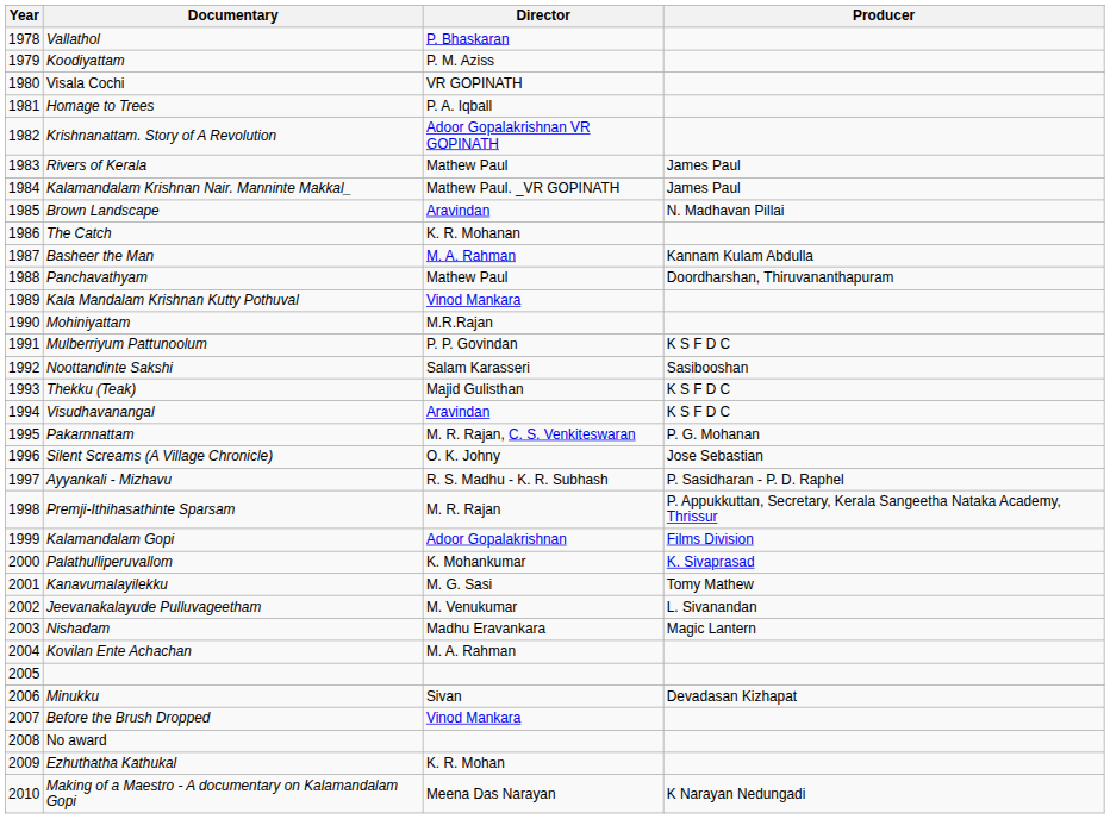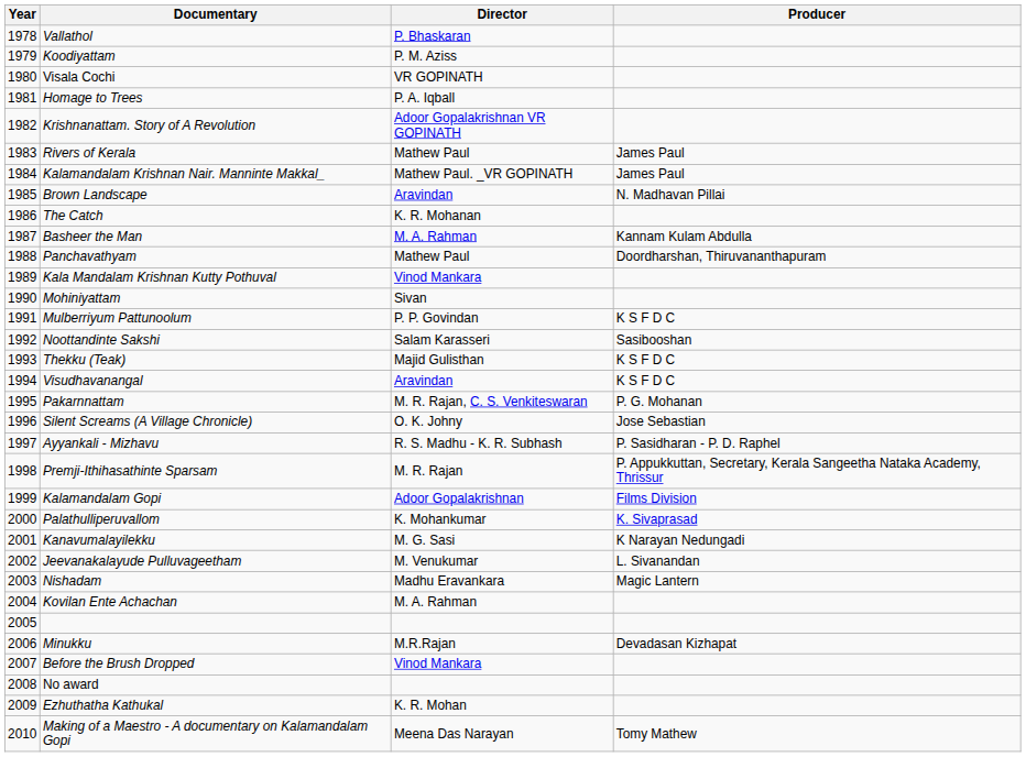 <table class="wikitable sortable">
 <tr>
 <th>Year</th>
 <th>Documentary</th>
 <th>Director</th>
 <th>Producer</th>
 </tr>
 <tr>
 <td>1978</td>
 <td><em>Vallathol</em></td>
 <td><a href='#'>P. Bhaskaran</a></td>
 <td></td>
 </tr>
 <tr>
 <td>1979</td>
 <td><em>Koodiyattam</em></td>
 <td>P. M. Aziss</td>
 <td></td>
 </tr>
 <tr>
 <td>1980</td>
 <td>Visala Cochi</td>
 <td>VR GOPINATH</td>
 <td></td>
 </tr>
 <tr>
 <td>1981</td>
 <td><em>Homage to Trees</em></td>
 <td>P. A. Iqball</td>
 <td></td>
 </tr>
 <tr>
 <td>1982</td>
 <td><em>Krishnanattam.            Story of A Revolution</em></td>
 <td><a href='#'>Adoor Gopalakrishnan VR GOPINATH</a></td>
 <td></td>
 </tr>
 <tr>
 <td>1983</td>
 <td><em>Rivers of Kerala</em></td>
 <td>Mathew Paul</td>
 <td>James Paul</td>
 </tr>
 <tr>
 <td>1984</td>
 <td><em>Kalamandalam Krishnan Nair.             Manninte Makkal_</em></td>
 <td>Mathew Paul.        _VR GOPINATH</td>
 <td>James Paul</td>
 </tr>
 <tr>
 <td>1985</td>
 <td><em>Brown Landscape</em></td>
 <td><a href='#'>Aravindan</a></td>
 <td>N. Madhavan Pillai</td>
 </tr>
 <tr>
 <td>1986</td>
 <td><em>The Catch</em></td>
 <td>K. R. Mohanan</td>
 </tr>
 <tr>
 <td>1987</td>
 <td><em>Basheer the Man</em></td>
 <td><a href='#'>M. A. Rahman</a></td>
 <td>Kannam Kulam Abdulla</td>
 </tr>
 <tr>
 <td>1988</td>
 <td><em>Panchavathyam</em></td>
 <td>Mathew Paul</td>
 <td>Doordharshan, Thiruvananthapuram</td>
 </tr>
 <tr>
 <td>1989</td>
 <td><em>Kala Mandalam Krishnan Kutty Pothuval</em></td>
 <td><a href='#'>Vinod Mankara</a></td>
 <td></td>
 </tr>
 <tr>
 <td>1990</td>
 <td><em>Mohiniyattam</em></td>
-<td>M.R.Rajan</td>
+<td>Sivan</td>
 <td></td>
 </tr>
 <tr>
 <td>1991</td>
 <td><em>Mulberriyum Pattunoolum</em></td>
 <td>P. P. Govindan</td>
 <td>K S F D C</td>
 </tr>
 <tr>
 <td>1992</td>
 <td><em>Noottandinte Sakshi</em></td>
 <td>Salam Karasseri</td>
 <td>Sasibooshan</td>
 </tr>
 <tr>
 <td>1993</td>
 <td><em>Thekku (Teak)</em></td>
 <td>Majid Gulisthan</td>
 <td>K S F D C</td>
 </tr>
 <tr>
 <td>1994</td>
 <td><em>Visudhavanangal</em></td>
 <td><a href='#'>Aravindan</a></td>
 <td>K S F D C</td>
 </tr>
 <tr>
 <td>1995</td>
 <td><em>Pakarnnattam</em></td>
 <td>M. R. Rajan, <a href='#'>C. S. Venkiteswaran</a></td>
 <td>P. G. Mohanan</td>
 </tr>
 <tr>
 <td>1996</td>
 <td><em>Silent Screams (A Village Chronicle)</em></td>
 <td>O. K. Johny</td>
 <td>Jose Sebastian</td>
 </tr>
 <tr>
 <td>1997</td>
 <td><em>Ayyankali</em> - <em>Mizhavu</em></td>
 <td>R. S. Madhu - K. R. Subhash</td>
 <td>P. Sasidharan - P. D. Raphel</td>
 </tr>
 <tr>
 <td>1998</td>
 <td><em>Premji-Ithihasathinte Sparsam</em></td>
 <td>M. R. Rajan</td>
 <td>P. Appukkuttan, Secretary, Kerala Sangeetha Nataka Academy, <a href='#'>Thrissur</a></td>
 </tr>
 <tr>
 <td>1999</td>
 <td><em>Kalamandalam Gopi</em></td>
 <td><a href='#'>Adoor Gopalakrishnan</a></td>
 <td><a href='#'>Films Division</a></td>
 </tr>
 <tr>
 <td>2000</td>
 <td><em>Palathulliperuvallom</em></td>
 <td>K. Mohankumar</td>
 <td><a href='#'>K. Sivaprasad</a></td>
 </tr>
 <tr>
 <td>2001</td>
 <td><em>Kanavumalayilekku</em></td>
 <td>M. G. Sasi</td>
-<td>Tomy Mathew</td>
+<td>K Narayan Nedungadi</td>
 </tr>
 <tr>
 <td>2002</td>
 <td><em>Jeevanakalayude Pulluvageetham</em></td>
 <td>M. Venukumar</td>
 <td>L. Sivanandan</td>
 </tr>
 <tr>
 <td>2003</td>
 <td><em> Nishadam</em></td>
 <td>Madhu Eravankara</td>
 <td>Magic Lantern</td>
 </tr>
 <tr>
 <td>2004</td>
 <td><em>Kovilan Ente Achachan</em></td>
 <td>M. A. Rahman</td>
 <td></td>
 </tr>
 <tr>
 <td>2005</td>
 <td></td>
 <td></td>
 <td></td>
 </tr>
 <tr>
 <td>2006</td>
 <td><em>Minukku</em></td>
-<td>Sivan</td>
+<td>M.R.Rajan</td>
 <td>Devadasan Kizhapat</td>
 </tr>
 <tr>
 <td>2007</td>
 <td><em>Before the Brush Dropped</em></td>
 <td><a href='#'>Vinod Mankara</a></td>
 <td></td>
 </tr>
 <tr>
 <td>2008</td>
 <td>No award</td>
 <td></td>
 <td></td>
 </tr>
 <tr>
 <td>2009</td>
 <td><em>Ezhuthatha Kathukal</em></td>
 <td>K. R. Mohan</td>
 <td></td>
 </tr>
 <tr>
 <td>2010</td>
 <td><em>Making of a Maestro - A documentary on Kalamandalam Gopi</em></td>
 <td>Meena Das Narayan</td>
-<td>K Narayan Nedungadi</td>
+<td>Tomy Mathew</td>
 </tr>
 </table>
